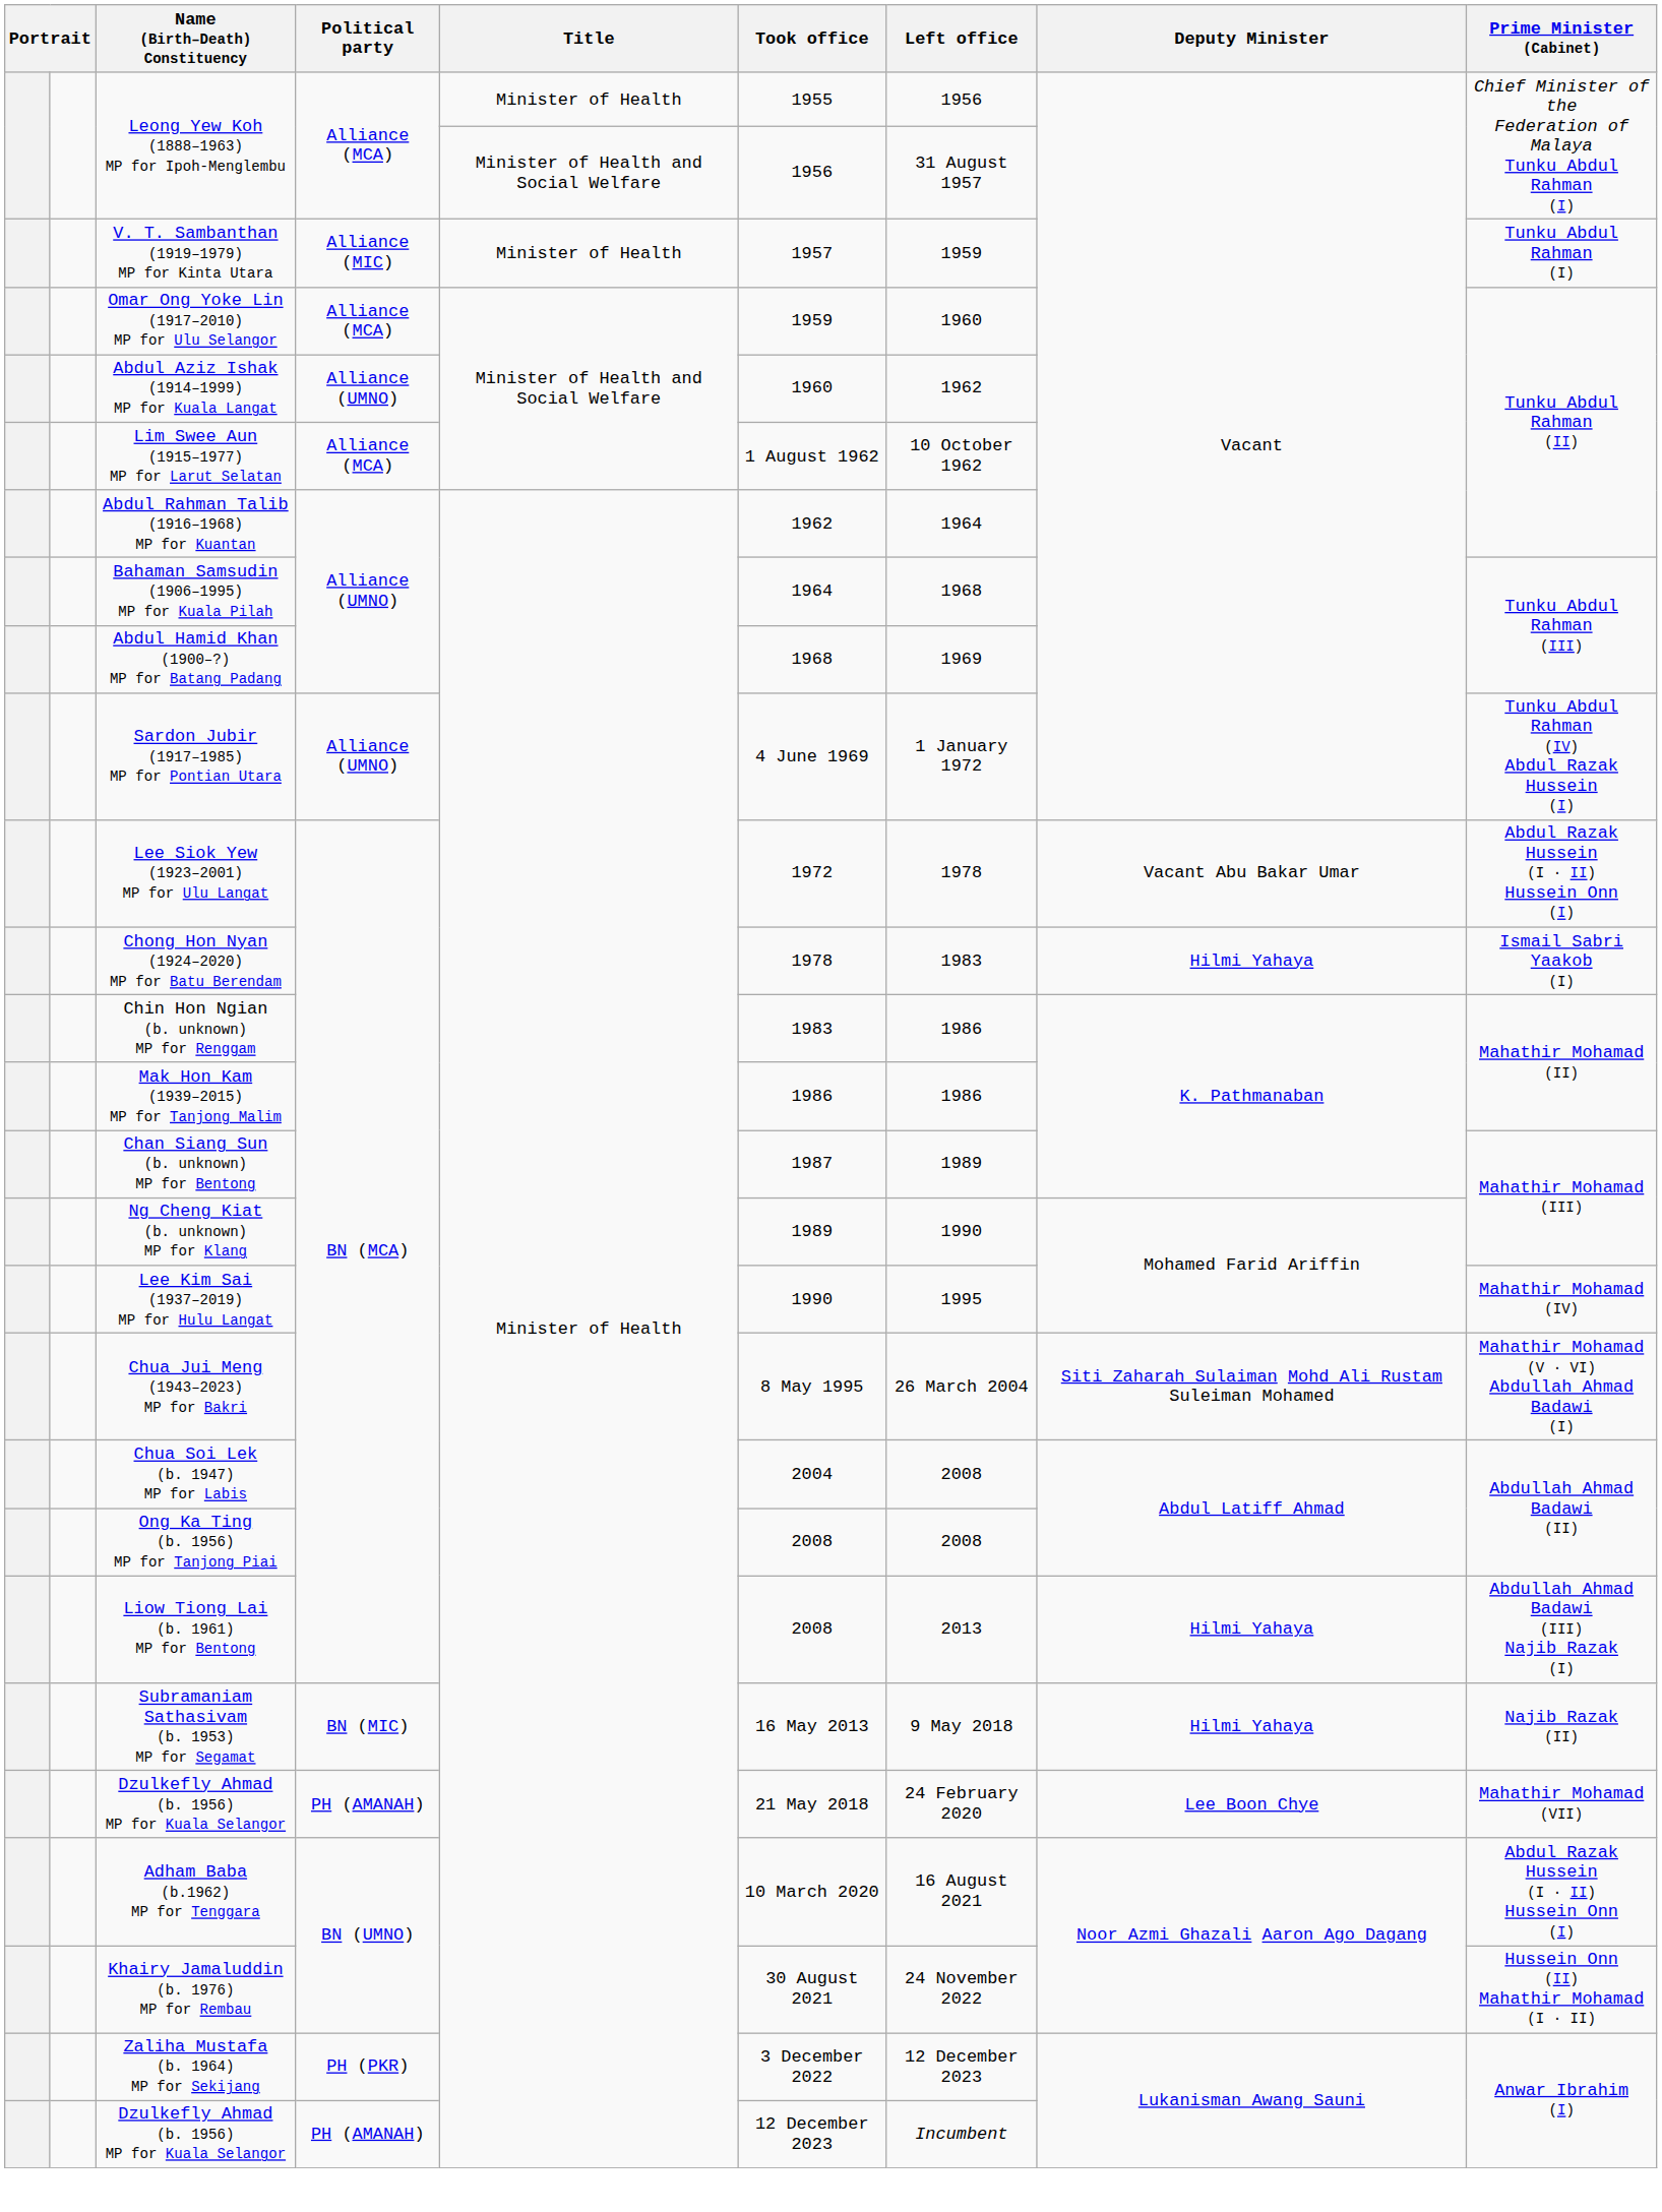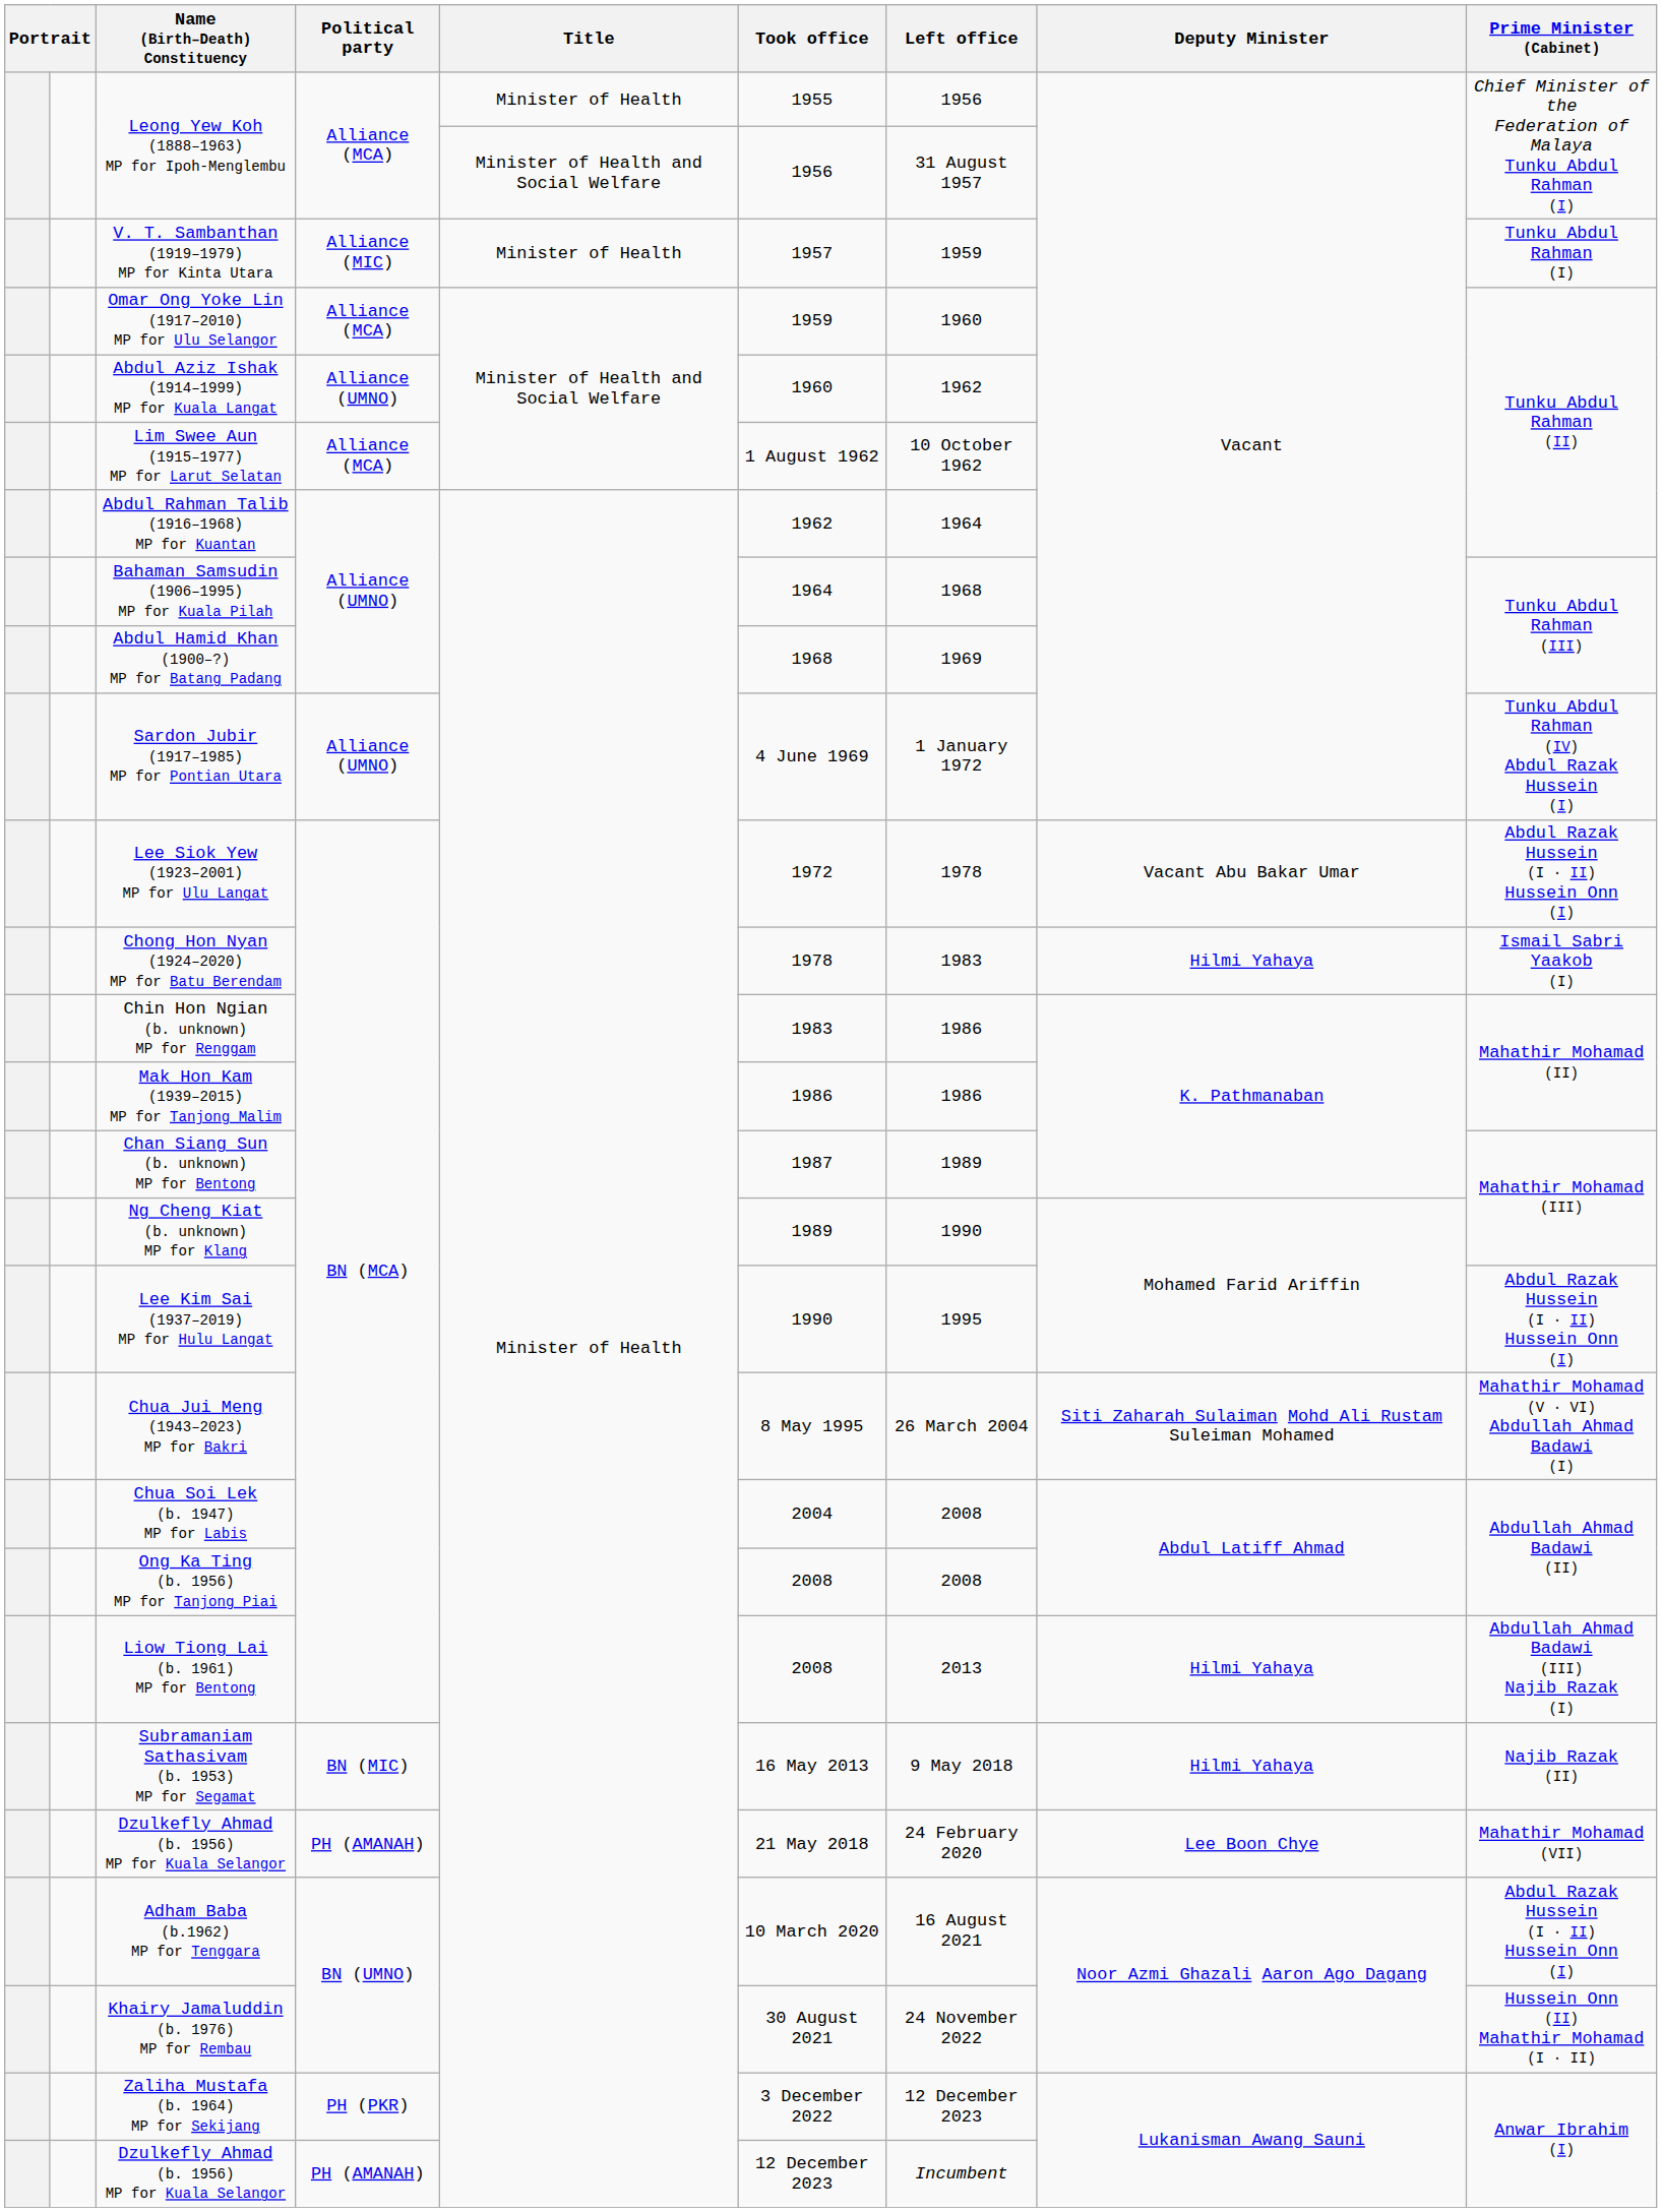 <table class="wikitable" style="text-align:center;">
 <tr>
 <th colspan=2>Portrait</th>
 <th>Name<br><small>(Birth–Death)<br>Constituency</small></th>
 <th>Political party</th>
 <th>Title</th>
 <th>Took office</th>
 <th>Left office</th>
 <th>Deputy Minister</th>
 <th><a href='#'>Prime Minister</a><br><small>(Cabinet)</small></th>
 </tr>
 <tr>
 <th rowspan="2" style="background:"></th>
 <td rowspan="2"></td>
 <td rowspan="2"><a href='#'>Leong Yew Koh</a><br><small>(1888–1963)<br>MP for Ipoh-Menglembu</small></td>
 <td rowspan="2"><a href='#'>Alliance</a> (<a href='#'>MCA</a>)</td>
 <td>Minister of Health</td>
 <td>1955</td>
 <td>1956</td>
 <td rowspan="10">Vacant</td>
 <td rowspan="2"><em>Chief Minister of the <br>Federation of Malaya</em><br><a href='#'>Tunku Abdul Rahman</a><br><small>(<a href='#'>I</a>)</small></td>
 </tr>
 <tr>
 <td>Minister of Health and Social Welfare</td>
 <td>1956</td>
 <td>31 August 1957</td>
 </tr>
 <tr>
 <th style="background:"></th>
 <td></td>
 <td><a href='#'>V. T. Sambanthan</a><br><small>(1919–1979)<br>MP for Kinta Utara</small></td>
 <td><a href='#'>Alliance</a> (<a href='#'>MIC</a>)</td>
 <td>Minister of Health</td>
 <td>1957</td>
 <td>1959</td>
 <td><a href='#'>Tunku Abdul Rahman</a><br><small>(I)</small></td>
 </tr>
 <tr>
 <th style="background:"></th>
 <td></td>
 <td><a href='#'>Omar Ong Yoke Lin</a><br><small>(1917–2010)<br>MP for <a href='#'>Ulu Selangor</a></small></td>
 <td><a href='#'>Alliance</a> (<a href='#'>MCA</a>)</td>
 <td rowspan="3">Minister of Health and Social Welfare</td>
 <td>1959</td>
 <td>1960</td>
 <td rowspan=4><a href='#'>Tunku Abdul Rahman</a><br><small>(<a href='#'>II</a>)</small></td>
 </tr>
 <tr>
 <th style="background:"></th>
 <td></td>
 <td><a href='#'>Abdul Aziz Ishak</a><br><small>(1914–1999)<br>MP for <a href='#'>Kuala Langat</a></small></td>
 <td><a href='#'>Alliance</a> (<a href='#'>UMNO</a>)</td>
 <td>1960</td>
 <td>1962</td>
 </tr>
 <tr>
 <th style="background:"></th>
 <td></td>
 <td><a href='#'>Lim Swee Aun</a><br><small>(1915–1977)<br>MP for <a href='#'>Larut Selatan</a></small></td>
 <td><a href='#'>Alliance</a> (<a href='#'>MCA</a>)</td>
 <td>1 August 1962</td>
 <td>10 October 1962</td>
 </tr>
 <tr>
 <th style="background:"></th>
 <td></td>
 <td><a href='#'>Abdul Rahman Talib</a><br><small>(1916–1968)<br>MP for <a href='#'>Kuantan</a></small></td>
 <td rowspan=3><a href='#'>Alliance</a> (<a href='#'>UMNO</a>)</td>
 <td rowspan="21">Minister of Health</td>
 <td>1962</td>
 <td>1964</td>
 </tr>
 <tr>
 <th style="background:"></th>
 <td></td>
 <td><a href='#'>Bahaman Samsudin</a><br><small>(1906–1995)<br>MP for <a href='#'>Kuala Pilah</a></small></td>
 <td>1964</td>
 <td>1968</td>
 <td rowspan=2><a href='#'>Tunku Abdul Rahman</a><br><small>(<a href='#'>III</a>)</small></td>
 </tr>
 <tr>
 <th style="background:"></th>
 <td></td>
 <td><a href='#'>Abdul Hamid Khan</a><br><small>(1900–?)<br>MP for <a href='#'>Batang Padang</a></small></td>
 <td>1968</td>
 <td>1969</td>
 </tr>
 <tr>
 <th style="background:"></th>
 <td></td>
 <td><a href='#'>Sardon Jubir</a><br><small>(1917–1985)<br>MP for <a href='#'>Pontian Utara</a></small></td>
 <td><a href='#'>Alliance</a> (<a href='#'>UMNO</a>)</td>
 <td>4 June 1969</td>
 <td>1 January 1972</td>
 <td><a href='#'>Tunku Abdul Rahman</a><br><small>(<a href='#'>IV</a>)</small><br><a href='#'>Abdul Razak Hussein</a><br><small>(<a href='#'>I</a>)</small></td>
 </tr>
 <tr>
 <th style="background:"></th>
 <td></td>
 <td><a href='#'>Lee Siok Yew</a><br><small>(1923–2001)<br>MP for <a href='#'>Ulu Langat</a></small></td>
 <td rowspan="11"><a href='#'>BN</a> (<a href='#'>MCA</a>)</td>
 <td>1972</td>
 <td>1978</td>
 <td>Vacant  Abu Bakar Umar </td>
 <td><a href='#'>Abdul Razak Hussein</a><br><small>(I · <a href='#'>II</a>)</small><br><a href='#'>Hussein Onn</a><br><small>(<a href='#'>I</a>)</small></td>
 </tr>
 <tr>
 <th style="background:"></th>
 <td></td>
 <td><a href='#'>Chong Hon Nyan</a><br><small>(1924–2020)<br>MP for <a href='#'>Batu Berendam</a></small></td>
 <td>1978</td>
 <td>1983</td>
 <td><a href='#'>Hilmi Yahaya</a></td>
 <td><a href='#'>Ismail Sabri Yaakob</a><br><small>(I)</small></td>
 </tr>
 <tr>
 <th style="background:"></th>
 <td></td>
 <td>Chin Hon Ngian<br><small>(b. unknown)<br>MP for <a href='#'>Renggam</a></small></td>
 <td>1983</td>
 <td>1986</td>
 <td rowspan="3"><a href='#'>K. Pathmanaban</a></td>
 <td rowspan="2"><a href='#'>Mahathir Mohamad</a><br><small>(II)</small></td>
 </tr>
 <tr>
 <th style="background:"></th>
 <td></td>
 <td><a href='#'>Mak Hon Kam</a><br><small>(1939–2015)<br>MP for <a href='#'>Tanjong Malim</a></small></td>
 <td>1986</td>
 <td>1986</td>
 </tr>
 <tr>
 <th style="background:"></th>
 <td></td>
 <td><a href='#'>Chan Siang Sun</a><br><small>(b. unknown)<br>MP for <a href='#'>Bentong</a></small></td>
 <td>1987</td>
 <td>1989</td>
 <td rowspan="2"><a href='#'>Mahathir Mohamad</a><br><small>(III)</small></td>
 </tr>
 <tr>
 <th style="background:"></th>
 <td></td>
 <td><a href='#'>Ng Cheng Kiat</a><br><small>(b. unknown)<br>MP for <a href='#'>Klang</a></small></td>
 <td>1989</td>
 <td>1990</td>
 <td rowspan="2">Mohamed Farid Ariffin</td>
 </tr>
 <tr>
 <th style="background:"></th>
 <td></td>
 <td><a href='#'>Lee Kim Sai</a><br><small>(1937–2019)<br>MP for <a href='#'>Hulu Langat</a></small></td>
 <td>1990</td>
 <td>1995</td>
-<td><a href='#'>Mahathir Mohamad</a><br><small>(IV)</small></td>
+<td><a href='#'>Abdul Razak Hussein</a><br><small>(I · <a href='#'>II</a>)</small><br><a href='#'>Hussein Onn</a><br><small>(<a href='#'>I</a>)</small></td>
 </tr>
 <tr>
 <th style="background:"></th>
 <td></td>
 <td><a href='#'>Chua Jui Meng</a><br><small>(1943–2023)<br>MP for <a href='#'>Bakri</a></small></td>
 <td>8 May 1995</td>
 <td>26 March 2004</td>
 <td><a href='#'>Siti Zaharah Sulaiman</a> <a href='#'>Mohd Ali Rustam</a> Suleiman Mohamed </td>
 <td><a href='#'>Mahathir Mohamad</a><br><small>(V · VI)</small><br><a href='#'>Abdullah Ahmad Badawi</a><br><small>(I)</small></td>
 </tr>
 <tr>
 <th style="background:"></th>
 <td></td>
 <td><a href='#'>Chua Soi Lek</a><br><small>(b. 1947)<br>MP for <a href='#'>Labis</a></small></td>
 <td>2004</td>
 <td>2008</td>
 <td rowspan="2"><a href='#'>Abdul Latiff Ahmad</a></td>
 <td rowspan="2"><a href='#'>Abdullah Ahmad Badawi</a><br><small>(II)</small></td>
 </tr>
 <tr>
 <th style="background:"></th>
 <td></td>
 <td><a href='#'>Ong Ka Ting</a><br><small>(b. 1956)<br>MP for <a href='#'>Tanjong Piai</a></small> </td>
 <td>2008</td>
 <td>2008</td>
 </tr>
 <tr>
 <th style="background:"></th>
 <td></td>
 <td><a href='#'>Liow Tiong Lai</a><br><small>(b. 1961)<br>MP for <a href='#'>Bentong</a></small></td>
 <td>2008</td>
 <td>2013</td>
 <td><a href='#'>Hilmi Yahaya</a></td>
 <td><a href='#'>Abdullah Ahmad Badawi</a><br><small>(III)</small><br><a href='#'>Najib Razak</a><br><small>(I)</small></td>
 </tr>
 <tr>
 <th style="background:"></th>
 <td></td>
 <td><a href='#'>Subramaniam Sathasivam</a><br><small>(b. 1953)<br>MP for <a href='#'>Segamat</a></small></td>
 <td><a href='#'>BN</a> (<a href='#'>MIC</a>)</td>
 <td>16 May 2013</td>
 <td>9 May 2018</td>
 <td><a href='#'>Hilmi Yahaya</a></td>
 <td><a href='#'>Najib Razak</a><br><small>(II)</small></td>
 </tr>
 <tr>
 <th style="background:"></th>
 <td></td>
 <td><a href='#'>Dzulkefly Ahmad</a><br><small>(b. 1956)<br>MP for <a href='#'>Kuala Selangor</a></small></td>
 <td><a href='#'>PH</a> (<a href='#'>AMANAH</a>)</td>
 <td>21 May 2018</td>
 <td>24 February 2020</td>
 <td><a href='#'>Lee Boon Chye</a></td>
 <td><a href='#'>Mahathir Mohamad</a><br><small>(VII)</small></td>
 </tr>
 <tr>
 <th style="background:"></th>
 <td></td>
 <td><a href='#'>Adham Baba</a><br><small>(b.1962)<br>MP for <a href='#'>Tenggara</a></small></td>
 <td rowspan="2"><a href='#'>BN</a> (<a href='#'>UMNO</a>)</td>
 <td>10 March 2020</td>
 <td>16 August 2021</td>
 <td rowspan="2"><a href='#'>Noor Azmi Ghazali</a> <a href='#'>Aaron Ago Dagang</a></td>
 <td><a href='#'>Abdul Razak Hussein</a><br><small>(I · <a href='#'>II</a>)</small><br><a href='#'>Hussein Onn</a><br><small>(<a href='#'>I</a>)</small></td>
 </tr>
 <tr>
 <th style="background:"></th>
 <td></td>
 <td><a href='#'>Khairy Jamaluddin</a><br><small>(b. 1976)<br>MP for <a href='#'>Rembau</a></small></td>
 <td>30 August 2021</td>
 <td>24 November 2022</td>
 <td><a href='#'>Hussein Onn</a><br><small>(<a href='#'>II</a>)</small><br><a href='#'>Mahathir Mohamad</a><br><small>(I · II)</small></td>
 </tr>
 <tr>
 <th style="background:"></th>
 <td></td>
 <td><a href='#'>Zaliha Mustafa</a><br><small>(b. 1964)<br>MP for <a href='#'>Sekijang</a></small></td>
 <td><a href='#'>PH</a> (<a href='#'>PKR</a>)</td>
 <td>3 December 2022</td>
 <td>12 December 2023</td>
 <td rowspan="2"><a href='#'>Lukanisman Awang Sauni</a></td>
 <td rowspan="2"><a href='#'>Anwar Ibrahim</a><br><small>(<a href='#'>I</a>)</small></td>
 </tr>
 <tr>
 <th style="background:"></th>
 <td></td>
 <td><a href='#'>Dzulkefly Ahmad</a><br><small>(b. 1956)<br>MP for <a href='#'>Kuala Selangor</a></small></td>
 <td><a href='#'>PH</a> (<a href='#'>AMANAH</a>)</td>
 <td>12 December 2023</td>
 <td><em>Incumbent</em></td>
 </tr>
 </table>
